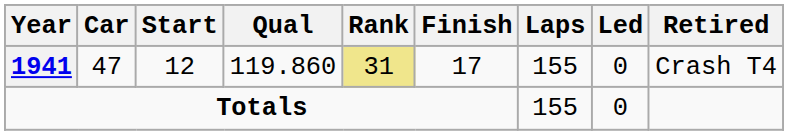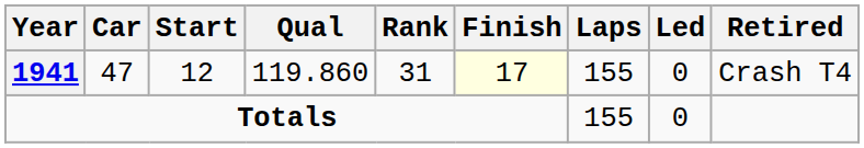 <table class="wikitable" style="text-align:center">
 <tr>
 <th>Year</th>
 <th>Car</th>
 <th>Start</th>
 <th>Qual</th>
 <th>Rank</th>
 <th>Finish</th>
 <th>Laps</th>
 <th>Led</th>
 <th>Retired</th>
 </tr>
 <tr>
 <th><a href='#'>1941</a></th>
 <td>47</td>
 <td>12</td>
 <td>119.860</td>
-<td style="background: khaki;">31</td>
-<td>17</td>
+<td>31</td>
+<td style="background: lightyellow;">17</td>
 <td>155</td>
 <td>0</td>
 <td>Crash T4</td>
 </tr>
 <tr>
 <td colspan=6><strong>Totals</strong></td>
 <td>155</td>
 <td>0</td>
 <td></td>
 </tr>
 </table>
